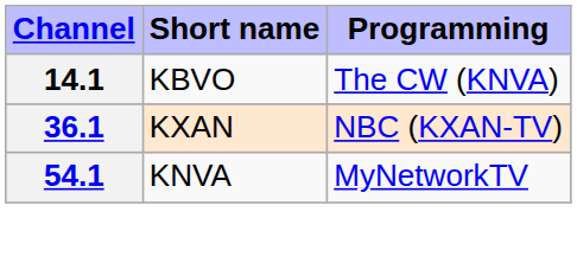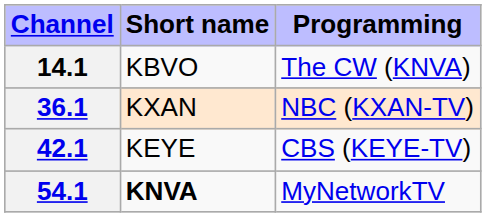 <table class="wikitable">
 <tr>
 <th style="background-color: #bdbdff" scope = "col"><a href='#'>Channel</a></th>
 <th style="background-color: #bdbdff" scope = "col">Short name</th>
 <th style="background-color: #bdbdff" scope = "col">Programming</th>
 </tr>
 <tr>
 <th scope = "row">14.1</th>
 <td>KBVO</td>
 <td><a href='#'>The CW</a> (<a href='#'>KNVA</a>)</td>
 </tr>
 <tr>
 <th scope = "row"><a href='#'>36.1</a></th>
 <td style="background-color:#ffe8d0">KXAN</td>
 <td style="background-color:#ffe8d0"><a href='#'>NBC</a> (<a href='#'>KXAN-TV</a>) </td>
 </tr>
 <tr>
+<th scope = "row"><a href='#'>42.1</a></th>
+<td>KEYE</td>
+<td><a href='#'>CBS</a> (<a href='#'>KEYE-TV</a>)</td>
+</tr>
+<tr>
 <th scope = "row"><a href='#'>54.1</a></th>
-<td>KNVA</td>
+<td><strong>KNVA</strong></td>
 <td><a href='#'>MyNetworkTV</a></td>
 </tr>
 </table>
